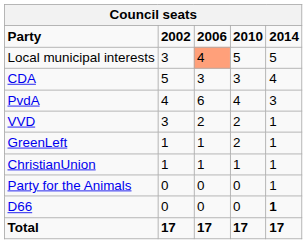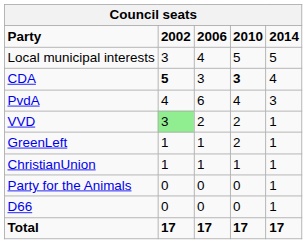 <table class="wikitable">
 <tr>
 <th colspan="16"><strong>Council seats</strong></th>
 </tr>
 <tr>
 <td><strong>Party</strong></td>
 <td><strong>2002</strong></td>
 <td><strong>2006</strong></td>
 <td><strong>2010</strong></td>
 <td><strong>2014</strong></td>
 </tr>
 <tr>
 <td>Local municipal interests</td>
 <td>3</td>
-<td style="background: lightsalmon;">4</td>
+<td>4</td>
 <td>5</td>
 <td>5</td>
 </tr>
 <tr>
 <td><a href='#'>CDA</a></td>
-<td>5</td>
+<td><strong>5</strong></td>
 <td>3</td>
-<td>3</td>
+<td><strong>3</strong></td>
 <td>4</td>
 </tr>
 <tr>
 <td><a href='#'>PvdA</a></td>
 <td>4</td>
 <td>6</td>
 <td>4</td>
 <td>3</td>
 </tr>
 <tr>
 <td><a href='#'>VVD</a></td>
-<td>3</td>
+<td style="background: lightgreen;">3</td>
 <td>2</td>
 <td>2</td>
 <td>1</td>
 </tr>
 <tr>
 <td><a href='#'>GreenLeft</a></td>
 <td>1</td>
 <td>1</td>
 <td>2</td>
 <td>1</td>
 </tr>
 <tr>
 <td><a href='#'>ChristianUnion</a></td>
 <td>1</td>
 <td>1</td>
 <td>1</td>
 <td>1</td>
 </tr>
 <tr>
 <td><a href='#'>Party for the Animals</a></td>
 <td>0</td>
 <td>0</td>
 <td>0</td>
 <td>1</td>
 </tr>
 <tr>
 <td><a href='#'>D66</a></td>
 <td>0</td>
 <td>0</td>
 <td>0</td>
-<td><strong>1</strong></td>
+<td>1</td>
 </tr>
 <tr>
 <td><strong>Total</strong></td>
 <td><strong>17</strong></td>
 <td><strong>17</strong></td>
 <td><strong>17</strong></td>
 <td><strong>17</strong></td>
 </tr>
 </table>
